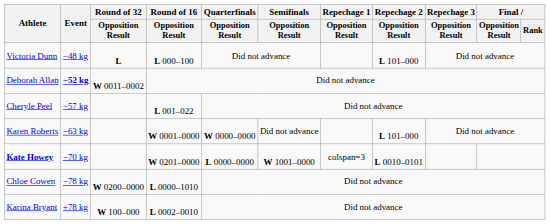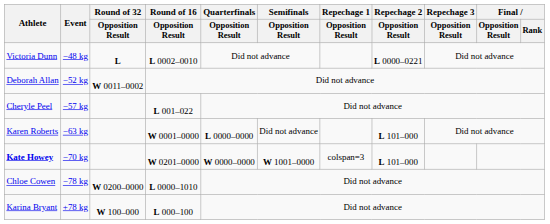 <table class="wikitable" style="font-size:90%">
 <tr>
 <th rowspan="2">Athlete</th>
 <th rowspan="2">Event</th>
 <th>Round of 32</th>
 <th>Round of 16</th>
 <th>Quarterfinals</th>
 <th>Semifinals</th>
 <th>Repechage 1</th>
 <th>Repechage 2</th>
 <th>Repechage 3</th>
 <th colspan=2>Final / </th>
 </tr>
 <tr style="font-size:95%">
 <th>Opposition<br>Result</th>
 <th>Opposition<br>Result</th>
 <th>Opposition<br>Result</th>
 <th>Opposition<br>Result</th>
 <th>Opposition<br>Result</th>
 <th>Opposition<br>Result</th>
 <th>Opposition<br>Result</th>
 <th>Opposition<br>Result</th>
 <th>Rank</th>
 </tr>
 <tr align=center>
 <td align=left><a href='#'>Victoria Dunn</a></td>
 <td align=left><a href='#'>−48 kg</a></td>
 <td><br><strong>L</strong></td>
-<td><br><strong>L</strong> 000–100</td>
+<td><br><strong>L</strong> 0002–0010</td>
 <td colspan=2>Did not advance</td>
 <td></td>
-<td><br><strong>L</strong> 101–000</td>
+<td><br><strong>L</strong> 0000–0221</td>
 <td colspan=3>Did not advance</td>
 </tr>
 <tr align=center>
 <td align=left><a href='#'>Deborah Allan</a></td>
-<td align=left><strong><a href='#'>−52 kg</a></strong></td>
+<td align=left><a href='#'>−52 kg</a></td>
 <td><br><strong>W</strong> 0011–0002</td>
 <td colspan=8>Did not advance</td>
 </tr>
 <tr align=center>
 <td align=left><a href='#'>Cheryle Peel</a></td>
 <td align=left><a href='#'>−57 kg</a></td>
 <td></td>
 <td><br><strong>L</strong> 001–022</td>
 <td colspan=7>Did not advance</td>
 </tr>
 <tr align=center>
 <td align=left><a href='#'>Karen Roberts</a></td>
 <td align=left><a href='#'>−63 kg</a></td>
 <td></td>
 <td><br><strong>W</strong> 0001–0000</td>
-<td><br><strong>W</strong> 0000–0000</td>
+<td><br><strong>L</strong> 0000–0000</td>
 <td>Did not advance</td>
 <td></td>
 <td><br><strong>L</strong> 101–000</td>
 <td colspan=3>Did not advance</td>
 </tr>
 <tr align=center>
 <td align=left><strong><a href='#'>Kate Howey</a></strong></td>
 <td align=left><a href='#'>−70 kg</a></td>
 <td></td>
 <td><br><strong>W</strong> 0201–0000</td>
-<td><br><strong>L</strong> 0000–0000</td>
+<td><br><strong>W</strong> 0000–0000</td>
 <td><br><strong>W</strong> 1001–0000</td>
 <td>colspan=3 </td>
-<td><br><strong>L</strong> 0010–0101</td>
+<td><br><strong>L</strong> 101–000</td>
 <td></td>
 </tr>
 <tr align=center>
 <td align=left><a href='#'>Chloe Cowen</a></td>
 <td align=left><a href='#'>−78 kg</a></td>
 <td><br><strong>W</strong> 0200–0000</td>
 <td><br><strong>L</strong> 0000–1010</td>
 <td colspan=7>Did not advance</td>
 </tr>
 <tr align=center>
 <td align=left><a href='#'>Karina Bryant</a></td>
 <td align=left><a href='#'>+78 kg</a></td>
 <td><br><strong>W</strong> 100–000</td>
-<td><br><strong>L</strong> 0002–0010</td>
+<td><br><strong>L</strong> 000–100</td>
 <td colspan=7>Did not advance</td>
 </tr>
 </table>
